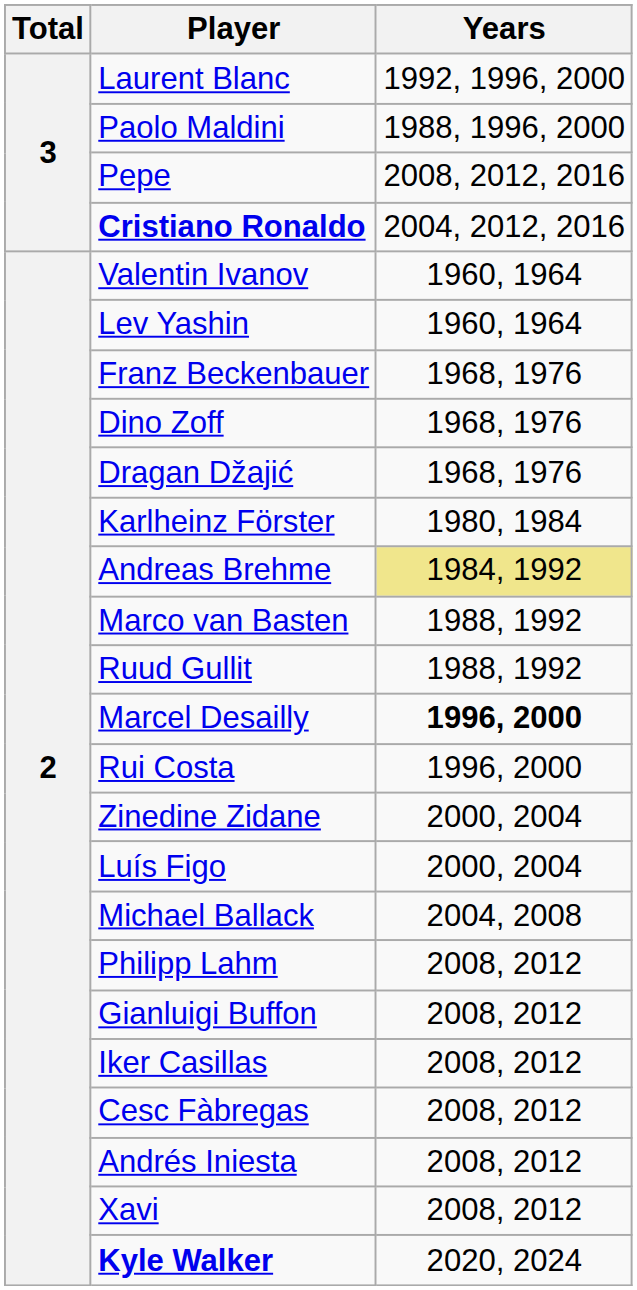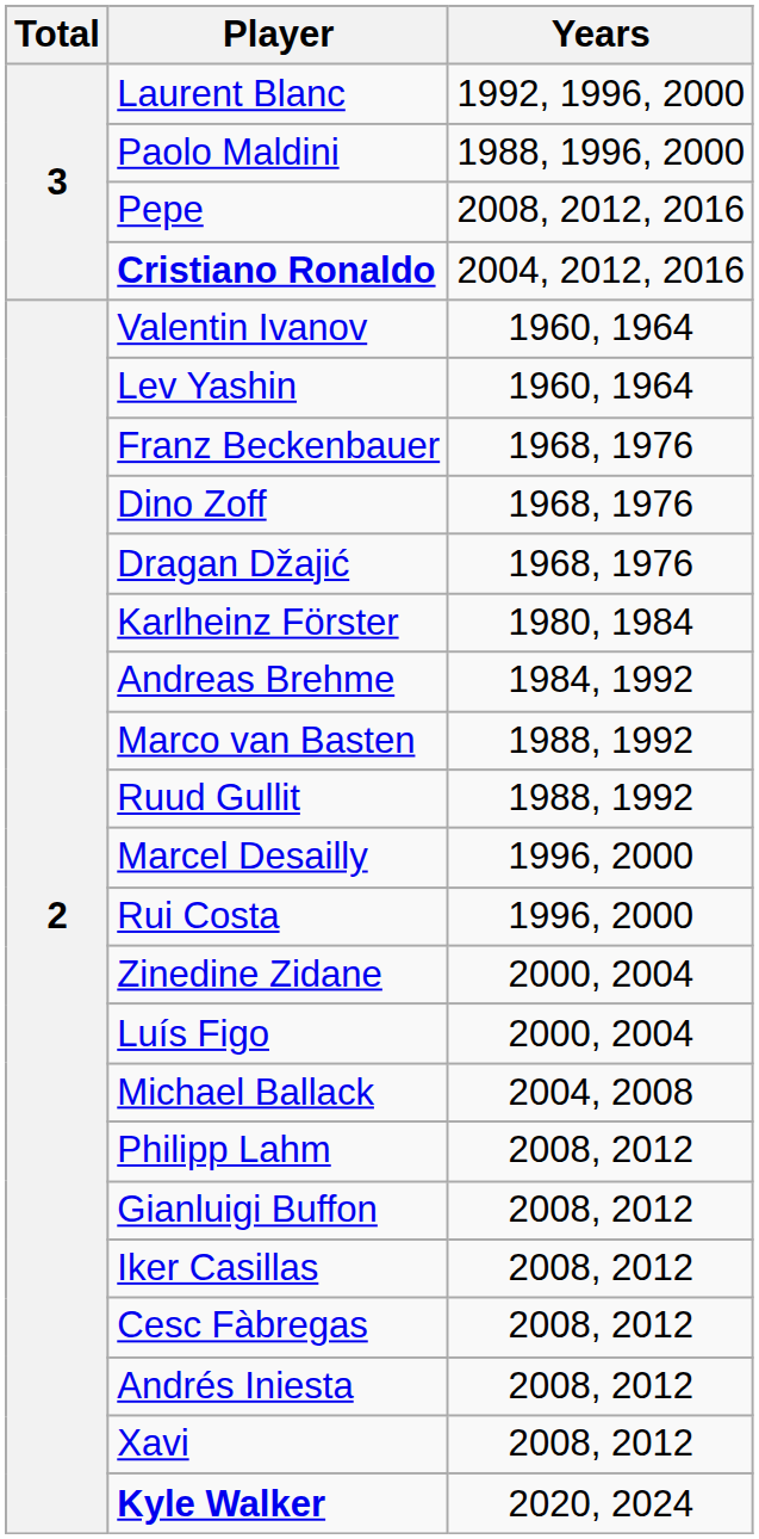 <table class="wikitable sortable" style="text-align:center">
 <tr>
 <th>Total</th>
 <th>Player</th>
 <th>Years</th>
 </tr>
 <tr>
 <th rowspan="4">3</th>
 <td align="left"> <a href='#'>Laurent Blanc</a></td>
 <td>1992, 1996, 2000</td>
 </tr>
 <tr>
 <td align="left"> <a href='#'>Paolo Maldini</a></td>
 <td>1988, 1996, 2000</td>
 </tr>
 <tr>
 <td align="left"> <a href='#'>Pepe</a></td>
 <td>2008, 2012, 2016</td>
 </tr>
 <tr>
 <td align="left"> <strong><a href='#'>Cristiano Ronaldo</a></strong></td>
 <td>2004, 2012, 2016</td>
 </tr>
 <tr>
 <th rowspan="21">2</th>
 <td align="left"> <a href='#'>Valentin Ivanov</a></td>
 <td>1960, 1964</td>
 </tr>
 <tr>
 <td align="left"> <a href='#'>Lev Yashin</a></td>
 <td>1960, 1964</td>
 </tr>
 <tr>
 <td align="left"> <a href='#'>Franz Beckenbauer</a></td>
 <td>1968, 1976</td>
 </tr>
 <tr>
 <td align="left"> <a href='#'>Dino Zoff</a></td>
 <td>1968, 1976</td>
 </tr>
 <tr>
 <td align="left"> <a href='#'>Dragan Džajić</a></td>
 <td>1968, 1976</td>
 </tr>
 <tr>
 <td align="left"> <a href='#'>Karlheinz Förster</a></td>
 <td>1980, 1984</td>
 </tr>
 <tr>
 <td align="left"> <a href='#'>Andreas Brehme</a></td>
-<td style="background: khaki;">1984, 1992</td>
+<td>1984, 1992</td>
 </tr>
 <tr>
 <td align="left"> <a href='#'>Marco van Basten</a></td>
 <td>1988, 1992</td>
 </tr>
 <tr>
 <td align="left"> <a href='#'>Ruud Gullit</a></td>
 <td>1988, 1992</td>
 </tr>
 <tr>
 <td align="left"> <a href='#'>Marcel Desailly</a></td>
-<td><strong>1996, 2000</strong></td>
+<td>1996, 2000</td>
 </tr>
 <tr>
 <td align="left"> <a href='#'>Rui Costa</a></td>
 <td>1996, 2000</td>
 </tr>
 <tr>
 <td align="left"> <a href='#'>Zinedine Zidane</a></td>
 <td>2000, 2004</td>
 </tr>
 <tr>
 <td align="left"> <a href='#'>Luís Figo</a></td>
 <td>2000, 2004</td>
 </tr>
 <tr>
 <td align="left"> <a href='#'>Michael Ballack</a></td>
 <td>2004, 2008</td>
 </tr>
 <tr>
 <td align="left"> <a href='#'>Philipp Lahm</a></td>
 <td>2008, 2012</td>
 </tr>
 <tr>
 <td align="left"> <a href='#'>Gianluigi Buffon</a></td>
 <td>2008, 2012</td>
 </tr>
 <tr>
 <td align="left"> <a href='#'>Iker Casillas</a></td>
 <td>2008, 2012</td>
 </tr>
 <tr>
 <td align="left"> <a href='#'>Cesc Fàbregas</a></td>
 <td>2008, 2012</td>
 </tr>
 <tr>
 <td align="left"> <a href='#'>Andrés Iniesta</a></td>
 <td>2008, 2012</td>
 </tr>
 <tr>
 <td align="left"> <a href='#'>Xavi</a></td>
 <td>2008, 2012</td>
 </tr>
 <tr>
 <td align="left"><strong> <a href='#'>Kyle Walker</a></strong></td>
 <td>2020, 2024</td>
 </tr>
 </table>
